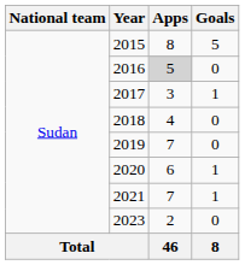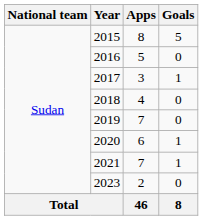 <table class="wikitable" style="text-align:center">
 <tr>
 <th>National team</th>
 <th>Year</th>
 <th>Apps</th>
 <th>Goals</th>
 </tr>
 <tr>
 <td rowspan="8"><a href='#'>Sudan</a></td>
 <td>2015</td>
 <td>8</td>
 <td>5</td>
 </tr>
 <tr>
 <td>2016</td>
-<td style="background: lightgrey;">5</td>
+<td>5</td>
 <td>0</td>
 </tr>
 <tr>
 <td>2017</td>
 <td>3</td>
 <td>1</td>
 </tr>
 <tr>
 <td>2018</td>
 <td>4</td>
 <td>0</td>
 </tr>
 <tr>
 <td>2019</td>
 <td>7</td>
 <td>0</td>
 </tr>
 <tr>
 <td>2020</td>
 <td>6</td>
 <td>1</td>
 </tr>
 <tr>
 <td>2021</td>
 <td>7</td>
 <td>1</td>
 </tr>
 <tr>
 <td>2023</td>
 <td>2</td>
 <td>0</td>
 </tr>
 <tr>
 <th colspan="2">Total</th>
 <th>46</th>
 <th>8</th>
 </tr>
 </table>
